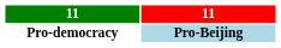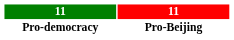 <table style="width:50%; text-align:center;">
 <tr style="color:white;">
 <td style="background:green; width:50%;"><strong>11</strong></td>
 <td style="background:red; width:50%;"><strong>11</strong></td>
 </tr>
 <tr>
 <td><span><strong>Pro-democracy</strong></span></td>
-<td style="background: lightblue;"><span><strong>Pro-Beijing</strong></span></td>
+<td><span><strong>Pro-Beijing</strong></span></td>
 </tr>
 </table>
